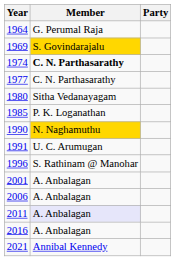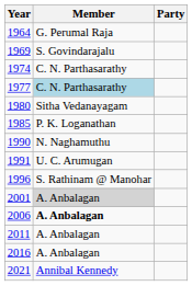 <table class="wikitable sortable">
 <tr>
 <th>Year</th>
 <th>Member</th>
 <th colspan=2>Party</th>
 </tr>
 <tr>
 <td><a href='#'>1964</a></td>
 <td>G. Perumal Raja</td>
 <td></td>
 </tr>
 <tr>
 <td><a href='#'>1969</a></td>
-<td style="background: gold;">S. Govindarajalu</td>
+<td>S. Govindarajalu</td>
 <td></td>
 </tr>
 <tr>
 <td><a href='#'>1974</a></td>
-<td><strong>C. N. Parthasarathy</strong></td>
+<td>C. N. Parthasarathy</td>
 <td></td>
 </tr>
 <tr>
 <td><a href='#'>1977</a></td>
-<td>C. N. Parthasarathy</td>
+<td style="background: lightblue;">C. N. Parthasarathy</td>
 <td></td>
 </tr>
 <tr>
 <td><a href='#'>1980</a></td>
 <td>Sitha Vedanayagam</td>
 <td></td>
 </tr>
 <tr>
 <td><a href='#'>1985</a></td>
 <td>P. K. Loganathan</td>
 <td></td>
 </tr>
 <tr>
 <td><a href='#'>1990</a></td>
-<td style="background: gold;">N. Naghamuthu</td>
+<td>N. Naghamuthu</td>
 <td></td>
 </tr>
 <tr>
 <td><a href='#'>1991</a></td>
 <td>U. C. Arumugan</td>
 <td></td>
 </tr>
 <tr>
 <td><a href='#'>1996</a></td>
 <td>S. Rathinam @ Manohar</td>
 <td></td>
 </tr>
 <tr>
 <td><a href='#'>2001</a></td>
-<td>A. Anbalagan</td>
+<td style="background: lightgrey;">A. Anbalagan</td>
 <td></td>
 </tr>
 <tr>
 <td><a href='#'>2006</a></td>
-<td>A. Anbalagan</td>
+<td><strong>A. Anbalagan</strong></td>
 <td></td>
 </tr>
 <tr>
 <td><a href='#'>2011</a></td>
-<td style="background: lavender;">A. Anbalagan</td>
+<td>A. Anbalagan</td>
 <td></td>
 </tr>
 <tr>
 <td><a href='#'>2016</a></td>
 <td>A. Anbalagan</td>
 <td></td>
 </tr>
 <tr>
 <td><a href='#'>2021</a></td>
 <td><a href='#'>Annibal Kennedy</a></td>
 <td></td>
 </tr>
 </table>
